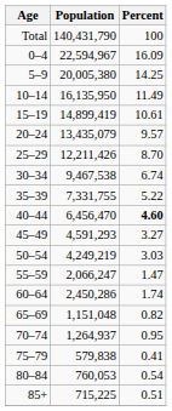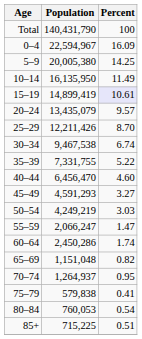 <table class="wikitable sortable">
 <tr>
 <th width="50">Age</th>
 <th width="80">Population</th>
 <th width="50">Percent</th>
 </tr>
 <tr>
 <td align="right">Total</td>
 <td align="right">140,431,790</td>
 <td align="right">100</td>
 </tr>
 <tr>
 <td align="right">0–4</td>
 <td align="right">22,594,967</td>
 <td align="right">16.09</td>
 </tr>
 <tr>
 <td align="right">5–9</td>
 <td align="right">20,005,380</td>
 <td align="right">14.25</td>
 </tr>
 <tr>
 <td align="right">10–14</td>
 <td align="right">16,135,950</td>
 <td align="right">11.49</td>
 </tr>
 <tr>
 <td align="right">15–19</td>
 <td align="right">14,899,419</td>
-<td align="right">10.61</td>
+<td align="right" style="background: lavender;">10.61</td>
 </tr>
 <tr>
 <td align="right">20–24</td>
 <td align="right">13,435,079</td>
 <td align="right">9.57</td>
 </tr>
 <tr>
 <td align="right">25–29</td>
 <td align="right">12,211,426</td>
 <td align="right">8.70</td>
 </tr>
 <tr>
 <td align="right">30–34</td>
 <td align="right">9,467,538</td>
 <td align="right">6.74</td>
 </tr>
 <tr>
 <td align="right">35–39</td>
 <td align="right">7,331,755</td>
 <td align="right">5.22</td>
 </tr>
 <tr>
 <td align="right">40–44</td>
 <td align="right">6,456,470</td>
-<td align="right"><strong>4.60</strong></td>
+<td align="right">4.60</td>
 </tr>
 <tr>
 <td align="right">45–49</td>
 <td align="right">4,591,293</td>
 <td align="right">3.27</td>
 </tr>
 <tr>
 <td align="right">50–54</td>
 <td align="right">4,249,219</td>
 <td align="right">3.03</td>
 </tr>
 <tr>
 <td align="right">55–59</td>
 <td align="right">2,066,247</td>
 <td align="right">1.47</td>
 </tr>
 <tr>
 <td align="right">60–64</td>
 <td align="right">2,450,286</td>
 <td align="right">1.74</td>
 </tr>
 <tr>
 <td align="right">65–69</td>
 <td align="right">1,151,048</td>
 <td align="right">0.82</td>
 </tr>
 <tr>
 <td align="right">70–74</td>
 <td align="right">1,264,937</td>
 <td align="right">0.95</td>
 </tr>
 <tr>
 <td align="right">75–79</td>
 <td align="right">579,838</td>
 <td align="right">0.41</td>
 </tr>
 <tr>
 <td align="right">80–84</td>
 <td align="right">760,053</td>
 <td align="right">0.54</td>
 </tr>
 <tr>
 <td align="right">85+</td>
 <td align="right">715,225</td>
 <td align="right">0.51</td>
 </tr>
 <tr>
 </tr>
 </table>
